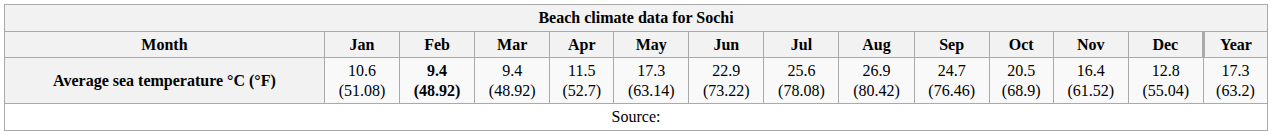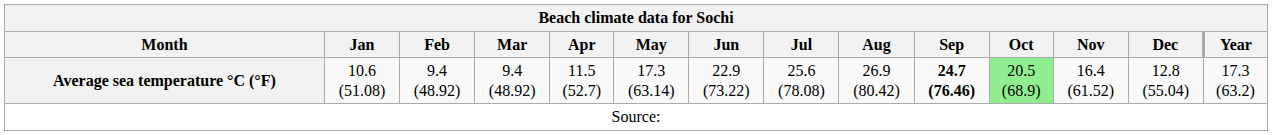 <table style="width:100%;text-align:center;line-height:1.2em;margin-left:auto;margin-right:auto" class="wikitable">
 <tr>
 <th Colspan=14>Beach climate data for Sochi</th>
 </tr>
 <tr>
 <th>Month</th>
 <th>Jan</th>
 <th>Feb</th>
 <th>Mar</th>
 <th>Apr</th>
 <th>May</th>
 <th>Jun</th>
 <th>Jul</th>
 <th>Aug</th>
 <th>Sep</th>
 <th>Oct</th>
 <th>Nov</th>
 <th>Dec</th>
 <th style="border-left-width:medium">Year</th>
 </tr>
 <tr>
 <th>Average sea temperature °C (°F)</th>
 <td>10.6<br>(51.08)</td>
-<td><strong>9.4<br>(48.92)</strong></td>
+<td>9.4<br>(48.92)</td>
 <td>9.4<br>(48.92)</td>
 <td>11.5<br>(52.7)</td>
 <td>17.3<br>(63.14)</td>
 <td>22.9<br>(73.22)</td>
 <td>25.6<br>(78.08)</td>
 <td>26.9<br>(80.42)</td>
-<td>24.7<br>(76.46)</td>
-<td>20.5<br>(68.9)</td>
+<td><strong>24.7<br>(76.46)</strong></td>
+<td style="background: lightgreen;">20.5<br>(68.9)</td>
 <td>16.4<br>(61.52)</td>
 <td>12.8<br>(55.04)</td>
 <td>17.3<br>(63.2)</td>
 </tr>
 <tr>
 <th Colspan=14 style="background:#ffffff;font-weight:normal;font-size:100%;">Source:</th>
 </tr>
 </table>
